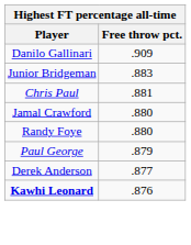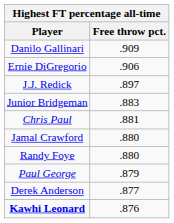 <table class="wikitable sortable" style="text-align:center">
 <tr>
 <th colspan="2">Highest FT percentage all-time</th>
 </tr>
 <tr>
 <th>Player</th>
 <th>Free throw pct.</th>
 </tr>
 <tr>
 <td><a href='#'>Danilo Gallinari</a></td>
 <td>.909</td>
+</tr>
+<tr>
+<td><a href='#'>Ernie DiGregorio</a></td>
+<td>.906</td>
+</tr>
+<tr>
+<td><a href='#'>J.J. Redick</a></td>
+<td>.897</td>
 </tr>
 <tr>
 <td><a href='#'>Junior Bridgeman</a></td>
 <td>.883</td>
 </tr>
 <tr>
 <td><em><a href='#'>Chris Paul</a></em></td>
 <td>.881</td>
 </tr>
 <tr>
 <td><a href='#'>Jamal Crawford</a></td>
 <td>.880</td>
 </tr>
 <tr>
 <td><a href='#'>Randy Foye</a></td>
 <td>.880</td>
 </tr>
 <tr>
 <td><em><a href='#'>Paul George</a></em></td>
 <td>.879</td>
 </tr>
 <tr>
 <td><a href='#'>Derek Anderson</a></td>
 <td>.877</td>
 </tr>
 <tr>
 <td><strong><a href='#'>Kawhi Leonard</a></strong></td>
 <td>.876</td>
 </tr>
 </table>
